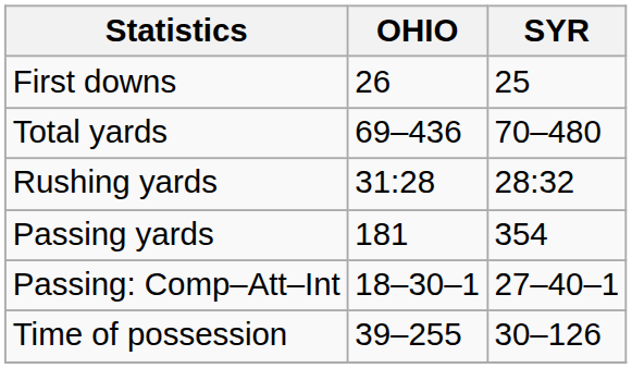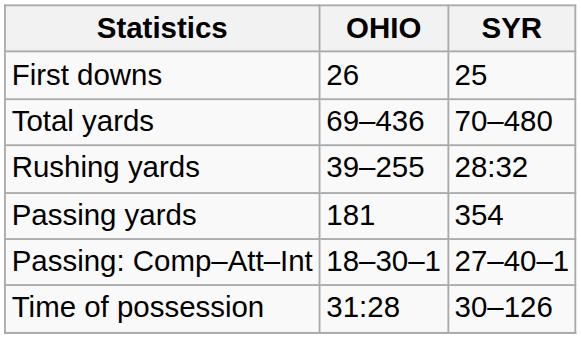 <table class="wikitable" style="float: left;">
 <tr>
 <th>Statistics</th>
 <th>OHIO</th>
 <th>SYR</th>
 </tr>
 <tr>
 <td>First downs</td>
 <td>26</td>
 <td>25</td>
 </tr>
 <tr>
 <td>Total yards</td>
 <td>69–436</td>
 <td>70–480</td>
 </tr>
 <tr>
 <td>Rushing yards</td>
-<td>31:28</td>
+<td>39–255</td>
 <td>28:32</td>
 </tr>
 <tr>
 <td>Passing yards</td>
 <td>181</td>
 <td>354</td>
 </tr>
 <tr>
 <td>Passing: Comp–Att–Int</td>
 <td>18–30–1</td>
 <td>27–40–1</td>
 </tr>
 <tr>
 <td>Time of possession</td>
-<td>39–255</td>
+<td>31:28</td>
 <td>30–126</td>
 </tr>
 <tr>
 </tr>
 </table>
